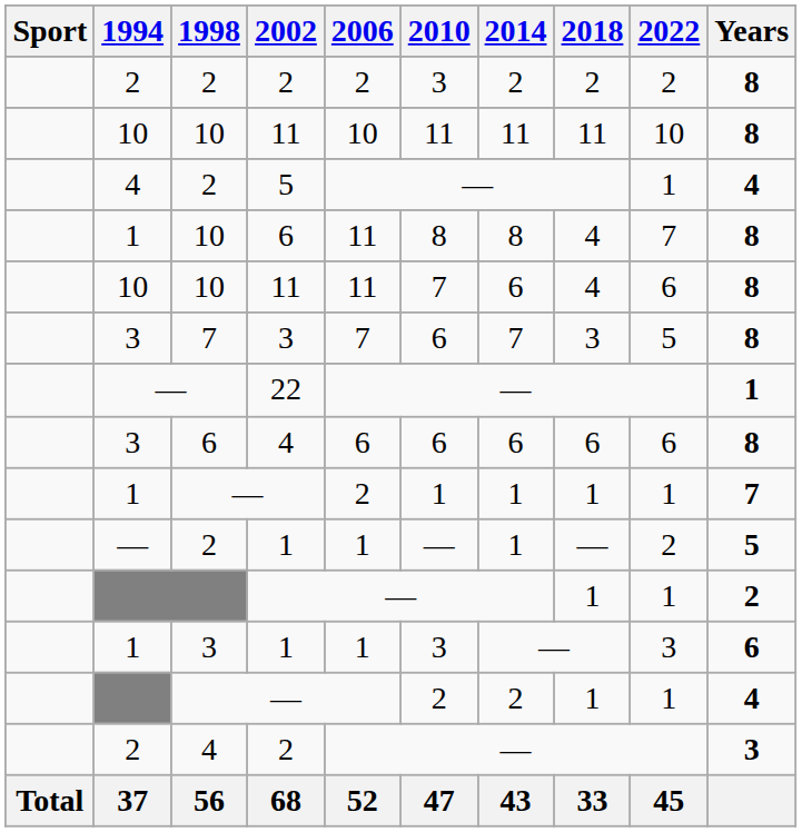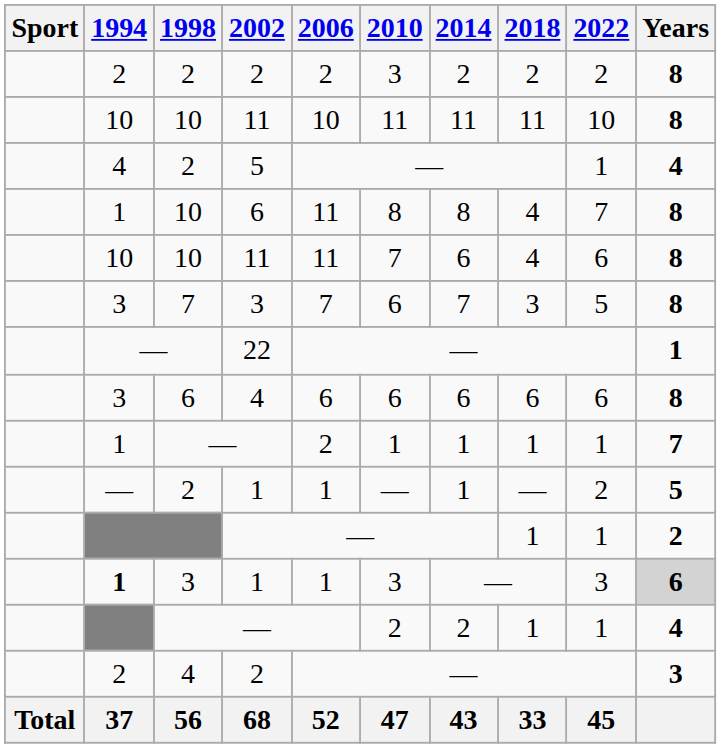 <table class="wikitable" style="font-size:95%;">
 <tr>
 <th>Sport</th>
 <th><a href='#'>1994</a></th>
 <th><a href='#'>1998</a></th>
 <th><a href='#'>2002</a></th>
 <th><a href='#'>2006</a></th>
 <th><a href='#'>2010</a></th>
 <th><a href='#'>2014</a></th>
 <th><a href='#'>2018</a></th>
 <th><a href='#'>2022</a></th>
 <th>Years</th>
 </tr>
 <tr>
 <td></td>
 <td align=center>2</td>
 <td align=center>2</td>
 <td align=center>2</td>
 <td align=center>2</td>
 <td align=center>3</td>
 <td align=center>2</td>
 <td align=center>2</td>
 <td align=center>2</td>
 <td align=center><strong>8</strong></td>
 </tr>
 <tr>
 <td></td>
 <td align=center>10</td>
 <td align=center>10</td>
 <td align=center>11</td>
 <td align=center>10</td>
 <td align=center>11</td>
 <td align=center>11</td>
 <td align=center>11</td>
 <td align=center>10</td>
 <td align=center><strong>8</strong></td>
 </tr>
 <tr>
 <td></td>
 <td align=center>4</td>
 <td align=center>2</td>
 <td align=center>5</td>
 <td align=center colspan="4">—</td>
 <td align=center>1</td>
 <td align=center><strong>4</strong></td>
 </tr>
 <tr>
 <td></td>
 <td align=center>1</td>
 <td align=center>10</td>
 <td align=center>6</td>
 <td align=center>11</td>
 <td align=center>8</td>
 <td align=center>8</td>
 <td align=center>4</td>
 <td align=center>7</td>
 <td align=center><strong>8</strong></td>
 </tr>
 <tr>
 <td></td>
 <td align=center>10</td>
 <td align=center>10</td>
 <td align=center>11</td>
 <td align=center>11</td>
 <td align=center>7</td>
 <td align=center>6</td>
 <td align=center>4</td>
 <td align=center>6</td>
 <td align=center><strong>8</strong></td>
 </tr>
 <tr>
 <td></td>
 <td align=center>3</td>
 <td align=center>7</td>
 <td align=center>3</td>
 <td align=center>7</td>
 <td align=center>6</td>
 <td align=center>7</td>
 <td align=center>3</td>
 <td align=center>5</td>
 <td align=center><strong>8</strong></td>
 </tr>
 <tr>
 <td></td>
 <td align=center colspan="2">—</td>
 <td align=center>22</td>
 <td align=center colspan="5">—</td>
 <td align=center><strong>1</strong></td>
 </tr>
 <tr>
 <td></td>
 <td align=center>3</td>
 <td align=center>6</td>
 <td align=center>4</td>
 <td align=center>6</td>
 <td align=center>6</td>
 <td align=center>6</td>
 <td align=center>6</td>
 <td align=center>6</td>
 <td align=center><strong>8</strong></td>
 </tr>
 <tr>
 <td></td>
 <td align=center>1</td>
 <td align=center colspan="2">—</td>
 <td align=center>2</td>
 <td align=center>1</td>
 <td align=center>1</td>
 <td align=center>1</td>
 <td align=center>1</td>
 <td align=center><strong>7</strong></td>
 </tr>
 <tr>
 <td></td>
 <td align=center>—</td>
 <td align=center>2</td>
 <td align=center>1</td>
 <td align=center>1</td>
 <td align=center>—</td>
 <td align=center>1</td>
 <td align=center>—</td>
 <td align=center>2</td>
 <td align=center><strong>5</strong></td>
 </tr>
 <tr>
 <td></td>
 <td bgcolor=grey colspan="2"></td>
 <td align=center colspan="4">—</td>
 <td align=center>1</td>
 <td align=center>1</td>
 <td align=center><strong>2</strong></td>
 </tr>
 <tr>
 <td></td>
-<td align=center>1</td>
+<td align=center><strong>1</strong></td>
 <td align=center>3</td>
 <td align=center>1</td>
 <td align=center>1</td>
 <td align=center>3</td>
 <td align=center colspan="2">—</td>
 <td align=center>3</td>
-<td align=center><strong>6</strong></td>
+<td align=center style="background: lightgrey;"><strong>6</strong></td>
 </tr>
 <tr>
 <td></td>
 <td bgcolor=grey></td>
 <td align=center colspan="3">—</td>
 <td align=center>2</td>
 <td align=center>2</td>
 <td align=center>1</td>
 <td align=center>1</td>
 <td align=center><strong>4</strong></td>
 </tr>
 <tr>
 <td></td>
 <td align=center>2</td>
 <td align=center>4</td>
 <td align=center>2</td>
 <td align=center colspan="5">—</td>
 <td align=center><strong>3</strong></td>
 </tr>
 <tr>
 <th>Total</th>
 <th>37</th>
 <th>56</th>
 <th>68</th>
 <th>52</th>
 <th>47</th>
 <th>43</th>
 <th>33</th>
 <th>45</th>
 <th></th>
 </tr>
 </table>
